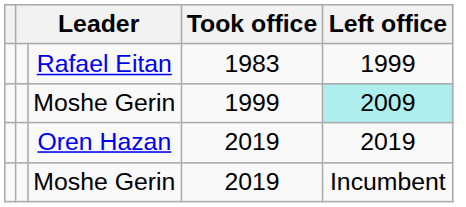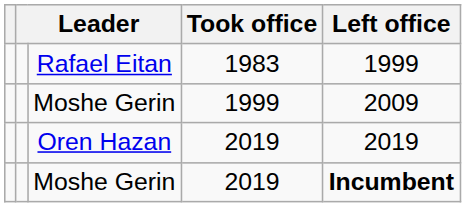 <table class="wikitable" style="text-align: center;">
 <tr>
 <th><br></th>
 <th colspan="2">Leader</th>
 <th>Took office</th>
 <th>Left office</th>
 </tr>
 <tr>
 <td style="background: "></td>
 <td></td>
 <td><a href='#'>Rafael Eitan</a></td>
 <td>1983</td>
 <td>1999</td>
 </tr>
 <tr>
 <td style="background: "></td>
 <td></td>
 <td>Moshe Gerin</td>
 <td>1999</td>
-<td style="background: paleturquoise;">2009</td>
+<td>2009</td>
 </tr>
 <tr>
 <td style="background: "></td>
 <td></td>
 <td><a href='#'>Oren Hazan</a></td>
 <td>2019</td>
 <td>2019</td>
 </tr>
 <tr>
 <td style="background: "></td>
 <td></td>
 <td>Moshe Gerin</td>
 <td>2019</td>
-<td>Incumbent</td>
+<td><strong>Incumbent</strong></td>
 </tr>
 </table>
